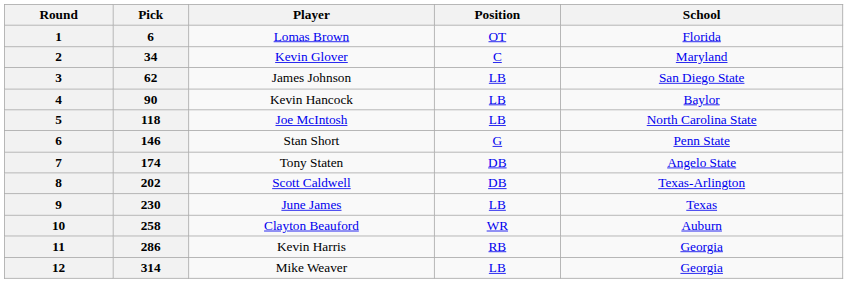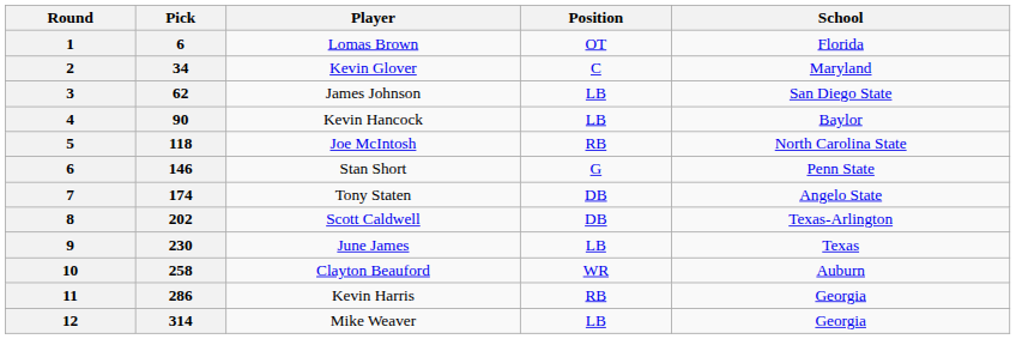 <table class="wikitable" style="width:80%;text-align:center;">
 <tr>
 <th>Round</th>
 <th>Pick</th>
 <th>Player</th>
 <th>Position</th>
 <th>School</th>
 </tr>
 <tr>
 <th>1</th>
 <th>6</th>
 <td><a href='#'>Lomas Brown</a></td>
 <td><a href='#'>OT</a></td>
 <td><a href='#'>Florida</a></td>
 </tr>
 <tr>
 <th>2</th>
 <th>34</th>
 <td><a href='#'>Kevin Glover</a></td>
 <td><a href='#'>C</a></td>
 <td><a href='#'>Maryland</a></td>
 </tr>
 <tr>
 <th>3</th>
 <th>62</th>
 <td>James Johnson</td>
 <td><a href='#'>LB</a></td>
 <td><a href='#'>San Diego State</a></td>
 </tr>
 <tr>
 <th>4</th>
 <th>90</th>
 <td>Kevin Hancock</td>
 <td><a href='#'>LB</a></td>
 <td><a href='#'>Baylor</a></td>
 </tr>
 <tr>
 <th>5</th>
 <th>118</th>
 <td><a href='#'>Joe McIntosh</a></td>
-<td><a href='#'>LB</a></td>
+<td><a href='#'>RB</a></td>
 <td><a href='#'>North Carolina State</a></td>
 </tr>
 <tr>
 <th>6</th>
 <th>146</th>
 <td>Stan Short</td>
 <td><a href='#'>G</a></td>
 <td><a href='#'>Penn State</a></td>
 </tr>
 <tr>
 <th>7</th>
 <th>174</th>
 <td>Tony Staten</td>
 <td><a href='#'>DB</a></td>
 <td><a href='#'>Angelo State</a></td>
 </tr>
 <tr>
 <th>8</th>
 <th>202</th>
 <td><a href='#'>Scott Caldwell</a></td>
 <td><a href='#'>DB</a></td>
 <td><a href='#'>Texas-Arlington</a></td>
 </tr>
 <tr>
 <th>9</th>
 <th>230</th>
 <td><a href='#'>June James</a></td>
 <td><a href='#'>LB</a></td>
 <td><a href='#'>Texas</a></td>
 </tr>
 <tr>
 <th>10</th>
 <th>258</th>
 <td><a href='#'>Clayton Beauford</a></td>
 <td><a href='#'>WR</a></td>
 <td><a href='#'>Auburn</a></td>
 </tr>
 <tr>
 <th>11</th>
 <th>286</th>
 <td>Kevin Harris</td>
 <td><a href='#'>RB</a></td>
 <td><a href='#'>Georgia</a></td>
 </tr>
 <tr>
 <th>12</th>
 <th>314</th>
 <td>Mike Weaver</td>
 <td><a href='#'>LB</a></td>
 <td><a href='#'>Georgia</a></td>
 </tr>
 </table>
